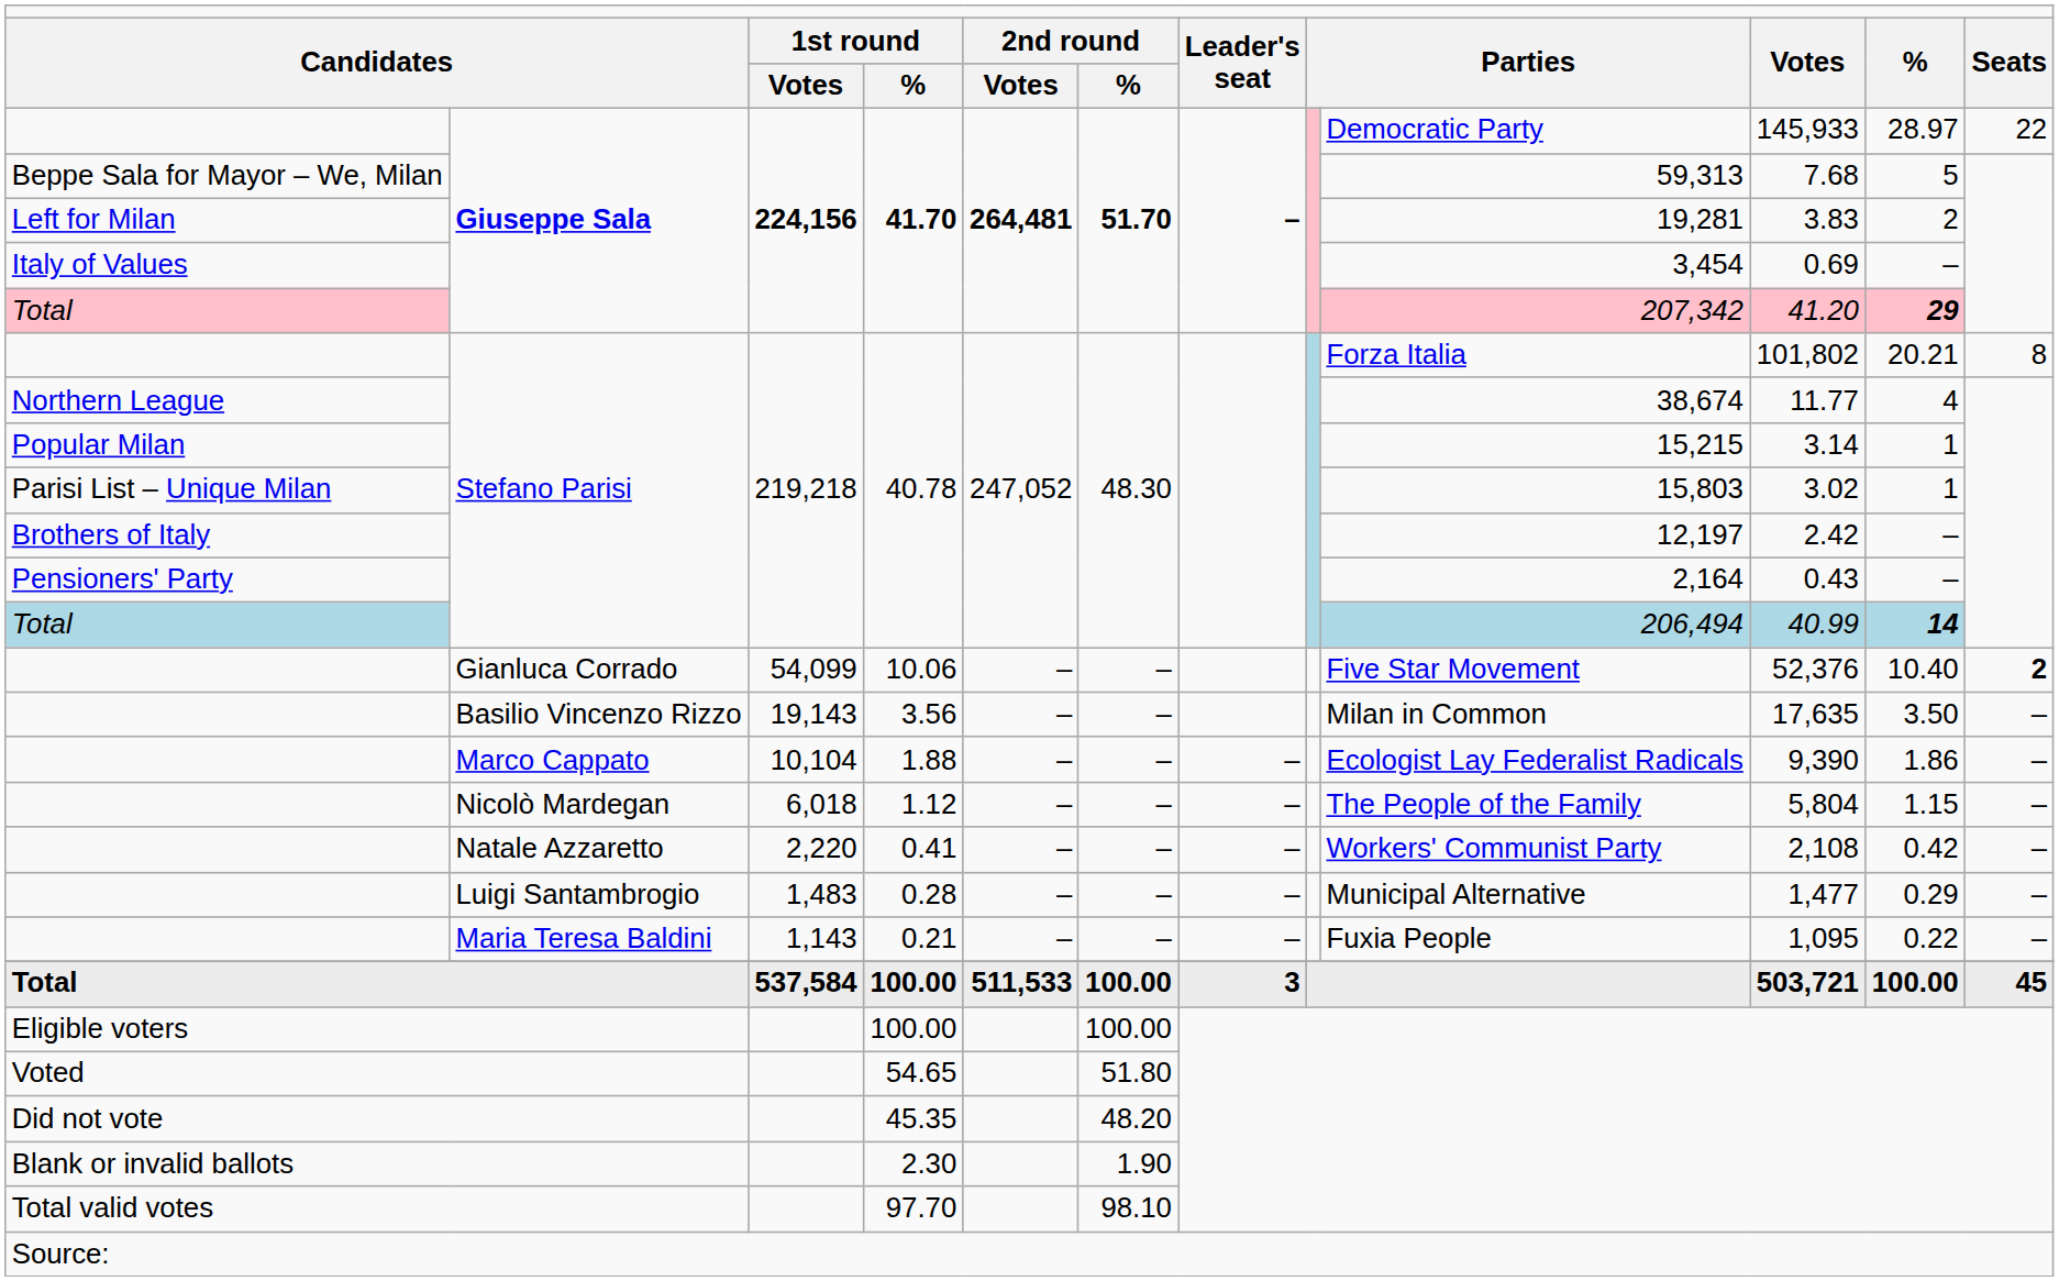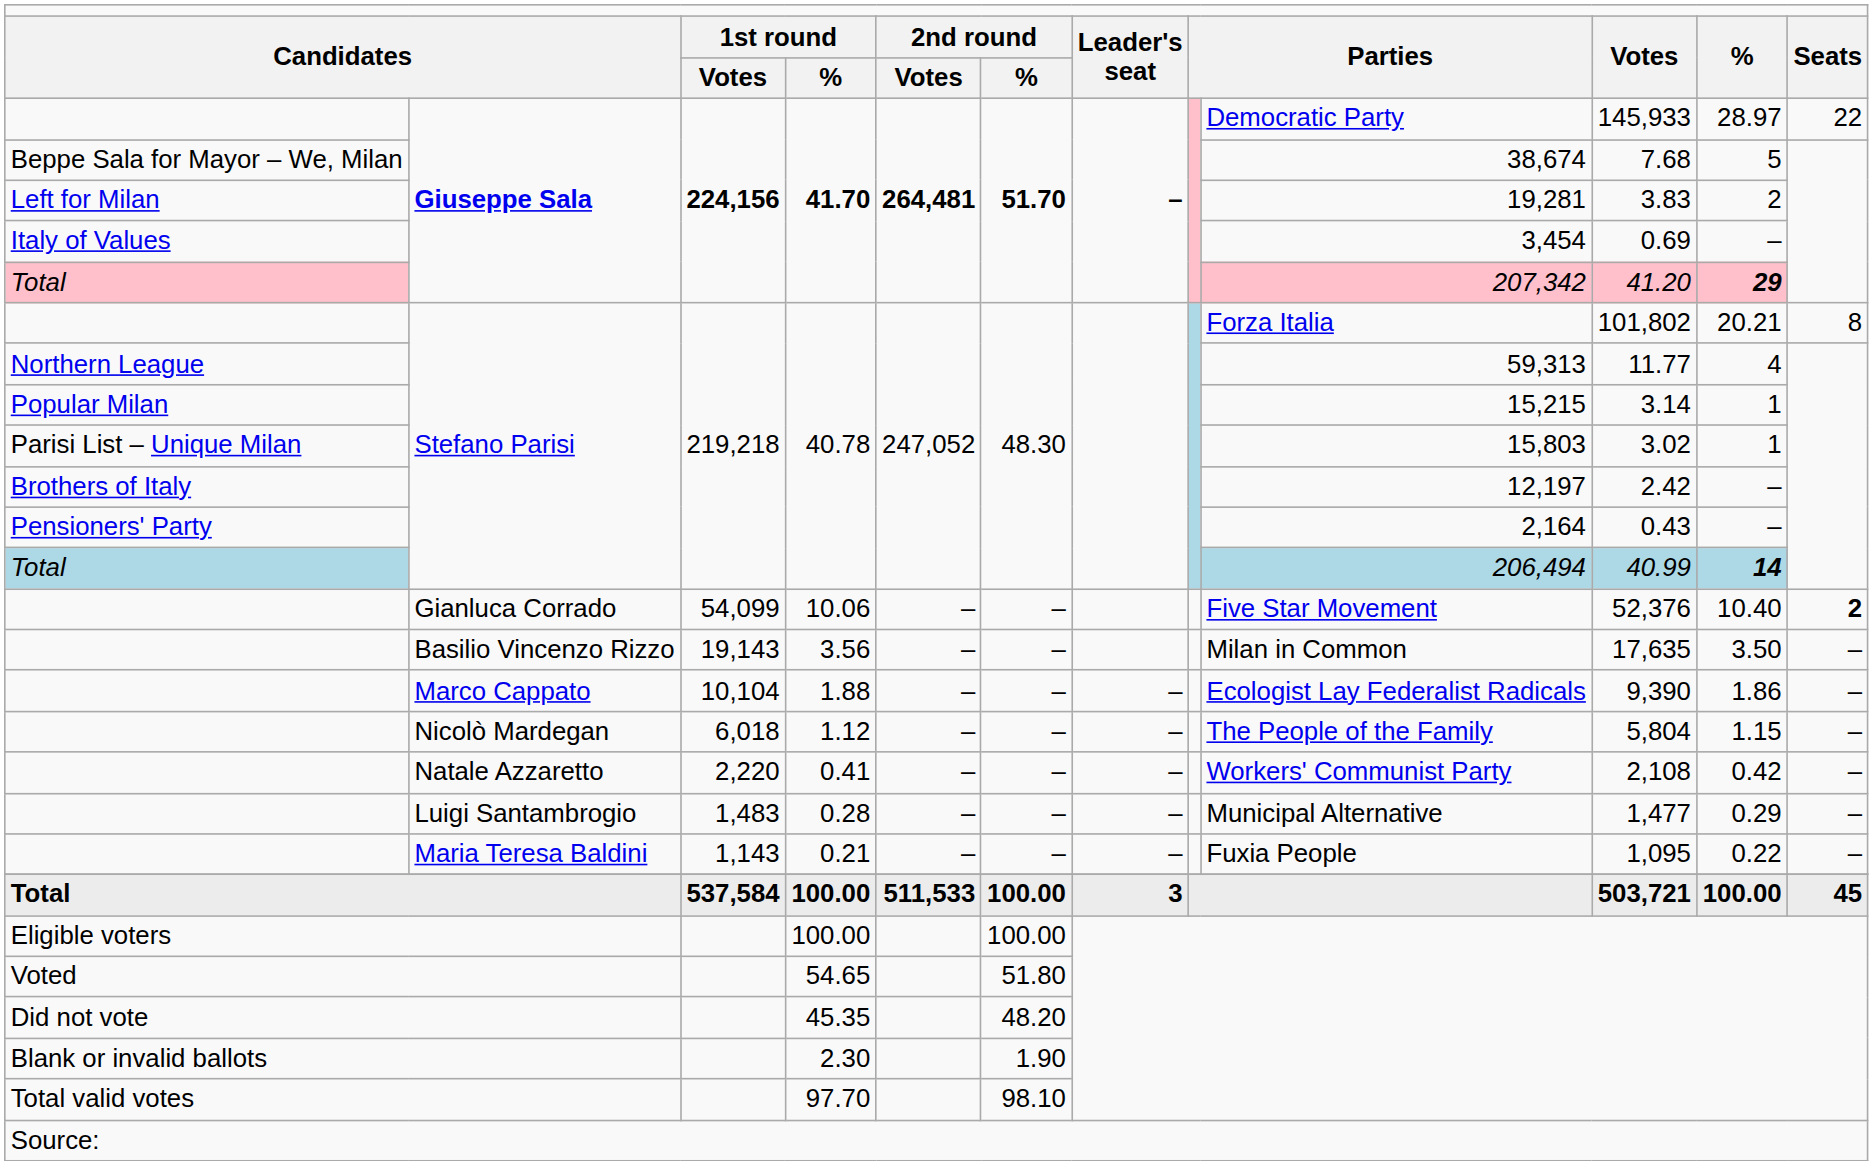 <table class="wikitable" style="text-align:left">
 <tr>
 <td colspan="12"></td>
 </tr>
 <tr>
 <th rowspan=2 colspan="2">Candidates</th>
 <th colspan=2>1st round</th>
 <th colspan=2>2nd round</th>
 <th rowspan=2>Leader's<br>seat</th>
 <th rowspan=2 colspan=2>Parties</th>
 <th rowspan=2>Votes</th>
 <th rowspan=2>%</th>
 <th rowspan=2>Seats</th>
 </tr>
 <tr>
 <th>Votes</th>
 <th>%</th>
 <th>Votes</th>
 <th>%</th>
 </tr>
 <tr>
 <td></td>
 <td rowspan=5><strong><a href='#'>Giuseppe Sala</a></strong></td>
 <td rowspan=5 align=right><strong>224,156</strong></td>
 <td rowspan=5 align=right><strong>41.70</strong></td>
 <td rowspan=5 align=right><strong>264,481</strong></td>
 <td rowspan=5 align=right><strong>51.70</strong></td>
 <td rowspan=5 align=right><strong>–</strong></td>
 <td rowspan=5 bgcolor="pink"></td>
 <td><a href='#'>Democratic Party</a></td>
 <td align=right>145,933</td>
 <td align=right>28.97</td>
 <td align=right>22</td>
 </tr>
 <tr>
 <td>Beppe Sala for Mayor – We, Milan</td>
-<td align=right>59,313</td>
+<td align=right>38,674</td>
 <td align=right>7.68</td>
 <td align=right>5</td>
 </tr>
 <tr>
 <td><a href='#'>Left for Milan</a></td>
 <td align=right>19,281</td>
 <td align=right>3.83</td>
 <td align=right>2</td>
 </tr>
 <tr>
 <td><a href='#'>Italy of Values</a></td>
 <td align=right>3,454</td>
 <td align=right>0.69</td>
 <td align=right>–</td>
 </tr>
 <tr>
 <td bgcolor="pink"><em>Total</em></td>
 <td align=right bgcolor="pink"><em>207,342</em></td>
 <td align=right bgcolor="pink"><em>41.20</em></td>
 <td align=right bgcolor="pink"><strong><em>29</em></strong></td>
 </tr>
 <tr>
 <td></td>
 <td rowspan=7><a href='#'>Stefano Parisi</a></td>
 <td rowspan=7 align=right>219,218</td>
 <td rowspan=7 align=right>40.78</td>
 <td rowspan=7 align=right>247,052</td>
 <td rowspan=7 align=right>48.30</td>
 <td rowspan=7 align=right></td>
 <td rowspan=7 bgcolor="lightblue"></td>
 <td><a href='#'>Forza Italia</a></td>
 <td align=right>101,802</td>
 <td align=right>20.21</td>
 <td align=right>8</td>
 </tr>
 <tr>
 <td><a href='#'>Northern League</a></td>
-<td align=right>38,674</td>
+<td align=right>59,313</td>
 <td align=right>11.77</td>
 <td align=right>4</td>
 </tr>
 <tr>
 <td><a href='#'>Popular Milan</a></td>
 <td align=right>15,215</td>
 <td align=right>3.14</td>
 <td align=right>1</td>
 </tr>
 <tr>
 <td>Parisi List – <a href='#'>Unique Milan</a></td>
 <td align=right>15,803</td>
 <td align=right>3.02</td>
 <td align=right>1</td>
 </tr>
 <tr>
 <td><a href='#'>Brothers of Italy</a></td>
 <td align=right>12,197</td>
 <td align=right>2.42</td>
 <td align=right>–</td>
 </tr>
 <tr>
 <td><a href='#'>Pensioners' Party</a></td>
 <td align=right>2,164</td>
 <td align=right>0.43</td>
 <td align=right>–</td>
 </tr>
 <tr>
 <td bgcolor="lightblue"><em>Total</em></td>
 <td align=right bgcolor="lightblue"><em>206,494</em></td>
 <td align=right bgcolor="lightblue"><em>40.99</em></td>
 <td align=right bgcolor="lightblue"><strong><em>14</em></strong></td>
 </tr>
 <tr>
 <td></td>
 <td>Gianluca Corrado</td>
 <td align=right>54,099</td>
 <td align=right>10.06</td>
 <td align=right>–</td>
 <td align=right>–</td>
 <td align=right></td>
 <td></td>
 <td><a href='#'>Five Star Movement</a></td>
 <td align=right>52,376</td>
 <td align=right>10.40</td>
 <td align=right><strong>2</strong></td>
 </tr>
 <tr>
 <td></td>
 <td>Basilio Vincenzo Rizzo</td>
 <td align=right>19,143</td>
 <td align=right>3.56</td>
 <td align=right>–</td>
 <td align=right>–</td>
 <td align=right></td>
 <td></td>
 <td>Milan in Common</td>
 <td align=right>17,635</td>
 <td align=right>3.50</td>
 <td align=right>–</td>
 </tr>
 <tr>
 <td></td>
 <td><a href='#'>Marco Cappato</a></td>
 <td align=right>10,104</td>
 <td align=right>1.88</td>
 <td align=right>–</td>
 <td align=right>–</td>
 <td align=right>–</td>
 <td></td>
 <td><a href='#'>Ecologist Lay Federalist Radicals</a></td>
 <td align=right>9,390</td>
 <td align=right>1.86</td>
 <td align=right>–</td>
 </tr>
 <tr>
 <td></td>
 <td>Nicolò Mardegan</td>
 <td align=right>6,018</td>
 <td align=right>1.12</td>
 <td align=right>–</td>
 <td align=right>–</td>
 <td align=right>–</td>
 <td></td>
 <td><a href='#'>The People of the Family</a></td>
 <td align=right>5,804</td>
 <td align=right>1.15</td>
 <td align=right>–</td>
 </tr>
 <tr>
 <td></td>
 <td>Natale Azzaretto</td>
 <td align=right>2,220</td>
 <td align=right>0.41</td>
 <td align=right>–</td>
 <td align=right>–</td>
 <td align=right>–</td>
 <td></td>
 <td><a href='#'>Workers' Communist Party</a></td>
 <td align=right>2,108</td>
 <td align=right>0.42</td>
 <td align=right>–</td>
 </tr>
 <tr>
 <td></td>
 <td>Luigi Santambrogio</td>
 <td align=right>1,483</td>
 <td align=right>0.28</td>
 <td align=right>–</td>
 <td align=right>–</td>
 <td align=right>–</td>
 <td></td>
 <td>Municipal Alternative</td>
 <td align=right>1,477</td>
 <td align=right>0.29</td>
 <td align=right>–</td>
 </tr>
 <tr>
 <td></td>
 <td><a href='#'>Maria Teresa Baldini</a></td>
 <td align=right>1,143</td>
 <td align=right>0.21</td>
 <td align=right>–</td>
 <td align=right>–</td>
 <td align=right>–</td>
 <td></td>
 <td>Fuxia People</td>
 <td align=right>1,095</td>
 <td align=right>0.22</td>
 <td align=right>–</td>
 </tr>
 <tr>
 </tr>
 <tr bgcolor=ececec>
 <td colspan="2"><strong>Total</strong></td>
 <td align=right><strong>537,584</strong></td>
 <td align=right><strong>100.00</strong></td>
 <td align=right><strong>511,533</strong></td>
 <td align=right><strong>100.00</strong></td>
 <td align=right><strong>3</strong></td>
 <td align=right colspan=2></td>
 <td align=right><strong>503,721</strong></td>
 <td align=right><strong>100.00</strong></td>
 <td align=right><strong>45</strong></td>
 </tr>
 <tr>
 <td colspan=2>Eligible voters</td>
 <td style="text-align: right"></td>
 <td style="text-align: right">100.00</td>
 <td style="text-align: right"></td>
 <td style="text-align: right">100.00</td>
 <td rowspan=5 colspan=6></td>
 </tr>
 <tr>
 <td colspan=2>Voted</td>
 <td style="text-align: right"></td>
 <td style="text-align: right">54.65</td>
 <td style="text-align: right"></td>
 <td style="text-align: right">51.80</td>
 </tr>
 <tr>
 <td colspan=2>Did not vote</td>
 <td style="text-align: right"></td>
 <td style="text-align: right">45.35</td>
 <td style="text-align: right"></td>
 <td style="text-align: right">48.20</td>
 </tr>
 <tr>
 <td colspan=2>Blank or invalid ballots</td>
 <td style="text-align: right"></td>
 <td style="text-align: right">2.30</td>
 <td style="text-align: right"></td>
 <td style="text-align: right">1.90</td>
 </tr>
 <tr>
 <td colspan=2>Total valid votes</td>
 <td style="text-align: right"></td>
 <td style="text-align: right">97.70</td>
 <td style="text-align: right"></td>
 <td style="text-align: right">98.10</td>
 </tr>
 <tr>
 <td style="text-align:left;" colspan="12">Source: </td>
 </tr>
 </table>
